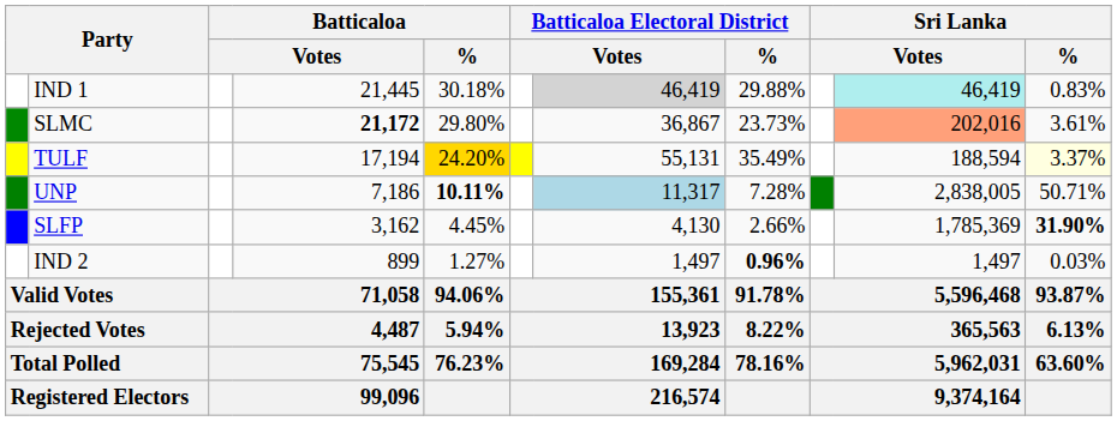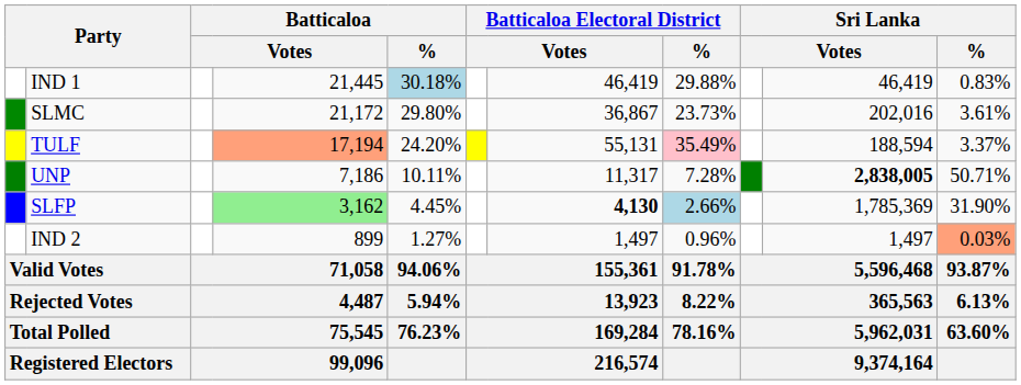 <table class="wikitable">
 <tr>
 <th colspan="2" width="144px"rowspan="2">Party</th>
 <th colspan="3" width="216px">Batticaloa</th>
 <th colspan="3" width="216px"><a href='#'>Batticaloa Electoral District</a></th>
 <th colspan="3" width="216px">Sri Lanka</th>
 </tr>
 <tr>
 <th colspan="2" width="144px">Votes</th>
 <th>%</th>
 <th colspan="2" width="144px">Votes</th>
 <th>%</th>
 <th colspan="2" width="144px">Votes</th>
 <th>%</th>
 </tr>
 <tr>
 <td style="background-color:white;" width="10px"></td>
 <td style="text-align:left;">IND 1</td>
 <td style="background-color:white;" width="10px"></td>
 <td style="text-align:right;">21,445</td>
-<td style="text-align:right;">30.18%</td>
+<td style="background: lightblue; text-align:right;">30.18%</td>
 <td style="background-color:white;" width="10px"></td>
-<td style="background: lightgrey; text-align:right;">46,419</td>
+<td style="text-align:right;">46,419</td>
 <td style="text-align:right;">29.88%</td>
 <td style="background-color:white;" width="10px"></td>
-<td style="background: paleturquoise; text-align:right;">46,419</td>
+<td style="text-align:right;">46,419</td>
 <td style="text-align:right;">0.83%</td>
 </tr>
 <tr>
 <td style="background-color:#008800;" width="10px"></td>
 <td style="text-align:left;">SLMC</td>
 <td style="background-color:white;" width="10px"></td>
-<td style="text-align:right;"><strong>21,172</strong></td>
+<td style="text-align:right;">21,172</td>
 <td style="text-align:right;">29.80%</td>
 <td style="background-color:white;" width="10px"></td>
 <td style="text-align:right;">36,867</td>
 <td style="text-align:right;">23.73%</td>
 <td style="background-color:white;" width="10px"></td>
-<td style="background: lightsalmon; text-align:right;">202,016</td>
+<td style="text-align:right;">202,016</td>
 <td style="text-align:right;">3.61%</td>
 </tr>
 <tr>
 <td style="background-color:yellow;" width="10px"></td>
 <td style="text-align:left;"><a href='#'>TULF</a></td>
 <td style="background-color:white;" width="10px"></td>
-<td style="text-align:right;">17,194</td>
-<td style="background: gold; text-align:right;">24.20%</td>
+<td style="background: lightsalmon; text-align:right;">17,194</td>
+<td style="text-align:right;">24.20%</td>
 <td style="background-color:yellow;" width="10px"></td>
 <td style="text-align:right;">55,131</td>
-<td style="text-align:right;">35.49%</td>
+<td style="background: pink; text-align:right;">35.49%</td>
 <td style="background-color:white;" width="10px"></td>
 <td style="text-align:right;">188,594</td>
-<td style="background: lightyellow; text-align:right;">3.37%</td>
+<td style="text-align:right;">3.37%</td>
 </tr>
 <tr>
 <td style="background-color:green;" width="10px"></td>
 <td style="text-align:left;"><a href='#'>UNP</a></td>
 <td style="background-color:white;" width="10px"></td>
 <td style="text-align:right;">7,186</td>
-<td style="text-align:right;"><strong>10.11%</strong></td>
+<td style="text-align:right;">10.11%</td>
 <td style="background-color:white;" width="10px"></td>
-<td style="background: lightblue; text-align:right;">11,317</td>
+<td style="text-align:right;">11,317</td>
 <td style="text-align:right;">7.28%</td>
 <td style="background-color:green;" width="10px"></td>
-<td style="text-align:right;">2,838,005</td>
+<td style="text-align:right;"><strong>2,838,005</strong></td>
 <td style="text-align:right;">50.71%</td>
 </tr>
 <tr>
 <td style="background-color:blue;" width="10px"></td>
 <td style="text-align:left;"><a href='#'>SLFP</a></td>
 <td style="background-color:white;" width="10px"></td>
-<td style="text-align:right;">3,162</td>
+<td style="background: lightgreen; text-align:right;">3,162</td>
 <td style="text-align:right;">4.45%</td>
 <td style="background-color:white;" width="10px"></td>
-<td style="text-align:right;">4,130</td>
-<td style="text-align:right;">2.66%</td>
+<td style="text-align:right;"><strong>4,130</strong></td>
+<td style="background: lightblue; text-align:right;">2.66%</td>
 <td style="background-color:white;" width="10px"></td>
 <td style="text-align:right;">1,785,369</td>
-<td style="text-align:right;"><strong>31.90%</strong></td>
+<td style="text-align:right;">31.90%</td>
 </tr>
 <tr>
 <td style="background-color:white;" width="10px"></td>
 <td style="text-align:left;">IND 2</td>
 <td style="background-color:white;" width="10px"></td>
 <td style="text-align:right;">899</td>
 <td style="text-align:right;">1.27%</td>
 <td style="background-color:white;" width="10px"></td>
 <td style="text-align:right;">1,497</td>
-<td style="text-align:right;"><strong>0.96%</strong></td>
+<td style="text-align:right;">0.96%</td>
 <td style="background-color:white;" width="10px"></td>
 <td style="text-align:right;">1,497</td>
-<td style="text-align:right;">0.03%</td>
+<td style="background: lightsalmon; text-align:right;">0.03%</td>
 </tr>
 <tr>
 <th colspan="2" width="144px"style="text-align:left;">Valid Votes</th>
 <th style="text-align:right;"colspan="2" width="144px">71,058</th>
 <th style="text-align:right;">94.06%</th>
 <th style="text-align:right;"colspan="2" width="144px">155,361</th>
 <th style="text-align:right;">91.78%</th>
 <th style="text-align:right;"colspan="2" width="144px">5,596,468</th>
 <th style="text-align:right;">93.87%</th>
 </tr>
 <tr>
 <th colspan="2" width="144px"style="text-align:left;">Rejected Votes</th>
 <th style="text-align:right;"colspan="2" width="144px">4,487</th>
 <th style="text-align:right;">5.94%</th>
 <th style="text-align:right;"colspan="2" width="144px">13,923</th>
 <th style="text-align:right;">8.22%</th>
 <th style="text-align:right;"colspan="2" width="144px">365,563</th>
 <th style="text-align:right;">6.13%</th>
 </tr>
 <tr>
 <th colspan="2" width="144px"style="text-align:left;">Total Polled</th>
 <th style="text-align:right;"colspan="2" width="144px">75,545</th>
 <th style="text-align:right;">76.23%</th>
 <th style="text-align:right;"colspan="2" width="144px">169,284</th>
 <th style="text-align:right;">78.16%</th>
 <th style="text-align:right;"colspan="2" width="144px">5,962,031</th>
 <th style="text-align:right;">63.60%</th>
 </tr>
 <tr>
 <th colspan="2" width="144px"style="text-align:left;">Registered Electors</th>
 <th style="text-align:right;"colspan="2" width="144px">99,096</th>
 <th></th>
 <th style="text-align:right;"colspan="2" width="144px">216,574</th>
 <th></th>
 <th style="text-align:right;"colspan="2" width="144px">9,374,164</th>
 <th></th>
 </tr>
 </table>
